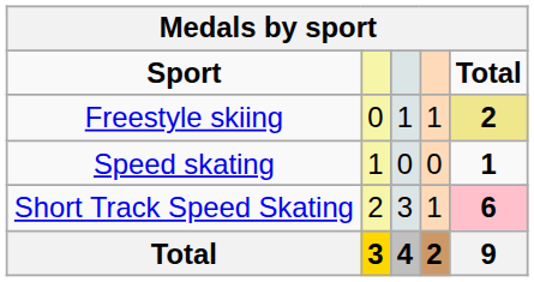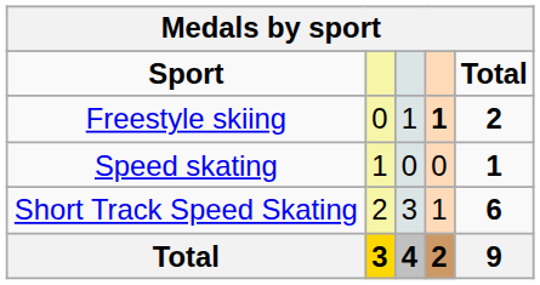 <table class="wikitable" style="font-size:85%;float:right">
 <tr style="background:#efefef;">
 <th colspan=5>Medals by sport</th>
 </tr>
 <tr align=center>
 <td><strong>Sport</strong></td>
 <td bgcolor=#f7f6a8></td>
 <td bgcolor=#dce5e5></td>
 <td bgcolor=#ffdab9></td>
 <td><strong>Total</strong></td>
 </tr>
 <tr align=center>
 <td><a href='#'>Freestyle skiing</a></td>
 <td style="background:#F7F6A8;">0</td>
 <td style="background:#DCE5E5;">1</td>
-<td style="background:#FFDAB9;">1</td>
-<td style="background: khaki;"><strong>2</strong></td>
+<td style="background:#FFDAB9;"><strong>1</strong></td>
+<td><strong>2</strong></td>
 </tr>
 <tr align=center>
 <td><a href='#'>Speed skating</a></td>
 <td style="background:#F7F6A8;">1</td>
 <td style="background:#DCE5E5;">0</td>
 <td style="background:#FFDAB9;">0</td>
 <td><strong>1</strong></td>
 </tr>
 <tr align=center>
 <td><a href='#'>Short Track Speed Skating</a></td>
 <td style="background:#F7F6A8;">2</td>
 <td style="background:#DCE5E5;">3</td>
 <td style="background:#FFDAB9;">1</td>
-<td style="background: pink;"><strong>6</strong></td>
+<td><strong>6</strong></td>
 </tr>
 <tr align=center>
 <th>Total</th>
 <th style="background:gold;">3</th>
 <th style="background:silver;">4</th>
 <th style="background:#c96;">2</th>
 <th>9</th>
 </tr>
 </table>
